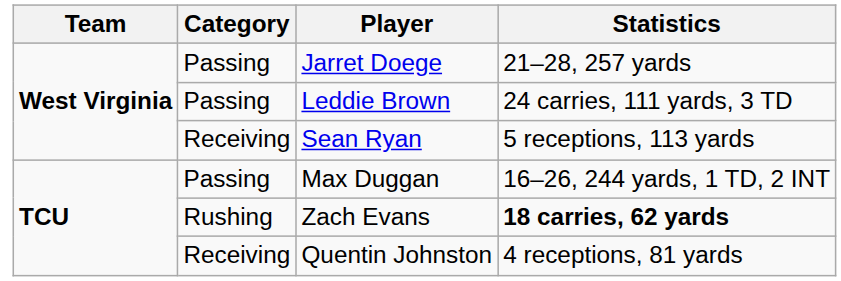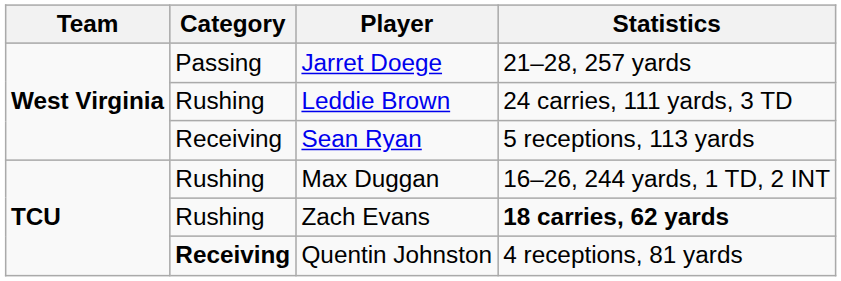 <table class="wikitable" style="float: right;">
 <tr>
 <th>Team</th>
 <th>Category</th>
 <th>Player</th>
 <th>Statistics</th>
 </tr>
 <tr>
 <td rowspan=3><strong>West Virginia</strong></td>
 <td>Passing</td>
 <td><a href='#'>Jarret Doege</a></td>
 <td>21–28, 257 yards</td>
 </tr>
 <tr>
-<td>Passing</td>
+<td>Rushing</td>
 <td><a href='#'>Leddie Brown</a></td>
 <td>24 carries, 111 yards, 3 TD</td>
 </tr>
 <tr>
 <td>Receiving</td>
 <td><a href='#'>Sean Ryan</a></td>
 <td>5 receptions, 113 yards</td>
 </tr>
 <tr>
 <td rowspan=3><strong>TCU</strong></td>
-<td>Passing</td>
+<td>Rushing</td>
 <td>Max Duggan</td>
 <td>16–26, 244 yards, 1 TD, 2 INT</td>
 </tr>
 <tr>
 <td>Rushing</td>
 <td>Zach Evans</td>
 <td><strong>18 carries, 62 yards</strong></td>
 </tr>
 <tr>
-<td>Receiving</td>
+<td><strong>Receiving</strong></td>
 <td>Quentin Johnston</td>
 <td>4 receptions, 81 yards</td>
 </tr>
 </table>
